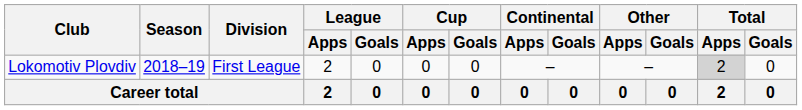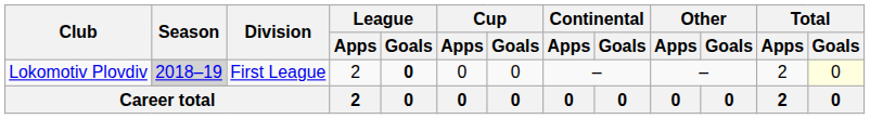 <table class="wikitable" style="font-size:90%; text-align: center">
 <tr>
 <th rowspan=2>Club</th>
 <th rowspan=2>Season</th>
 <th rowspan="2">Division</th>
 <th colspan=2>League</th>
 <th colspan=2>Cup</th>
 <th colspan=2>Continental</th>
 <th colspan=2>Other</th>
 <th colspan=2>Total</th>
 </tr>
 <tr>
 <th>Apps</th>
 <th>Goals</th>
 <th>Apps</th>
 <th>Goals</th>
 <th>Apps</th>
 <th>Goals</th>
 <th>Apps</th>
 <th>Goals</th>
 <th>Apps</th>
 <th>Goals</th>
 </tr>
 <tr>
 <td rowspan="1"><a href='#'>Lokomotiv Plovdiv</a></td>
-<td><a href='#'>2018–19</a></td>
+<td style="background: lightgrey;"><a href='#'>2018–19</a></td>
 <td><a href='#'>First League</a></td>
 <td>2</td>
-<td>0</td>
+<td><strong>0</strong></td>
 <td>0</td>
 <td>0</td>
 <td colspan="2">–</td>
 <td colspan="2">–</td>
-<td style="background: lightgrey;">2</td>
-<td>0</td>
+<td>2</td>
+<td style="background: lightyellow;">0</td>
 </tr>
 <tr>
 <th colspan=3>Career total</th>
 <th>2</th>
 <th>0</th>
 <th>0</th>
 <th>0</th>
 <th>0</th>
 <th>0</th>
 <th>0</th>
 <th>0</th>
 <th>2</th>
 <th>0</th>
 </tr>
 </table>
